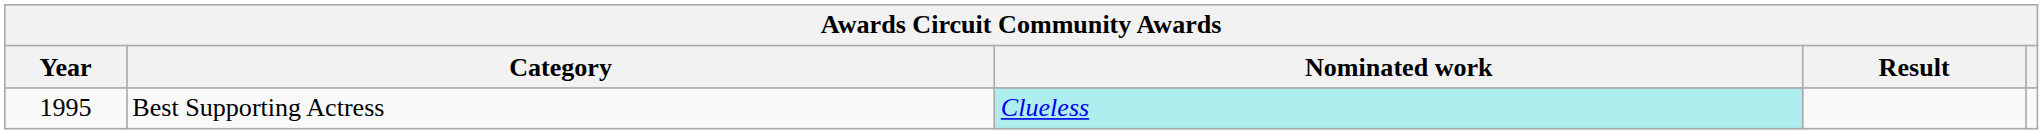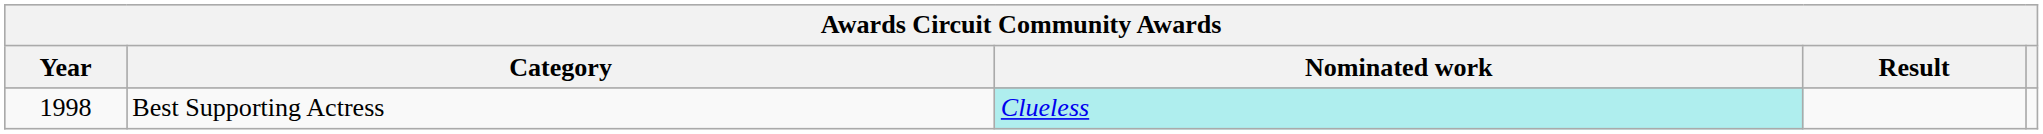 <table style-"width:80%;" class="wikitable">
 <tr>
 <th colspan="5" style="text-align:center;">Awards Circuit Community Awards</th>
 </tr>
 <tr>
 <th width="6%" scope="col">Year</th>
 <th width="43%" scope="col">Category</th>
 <th width="40%" scope="col">Nominated work</th>
 <th width="11%" scope="col">Result</th>
 <th></th>
 </tr>
 <tr>
-<td style="text-align:center;">1995</td>
+<td style="text-align:center;">1998</td>
 <td>Best Supporting Actress</td>
 <td style="background: paleturquoise;"><em><a href='#'>Clueless</a></em></td>
 <td></td>
 <td></td>
 </tr>
 </table>
